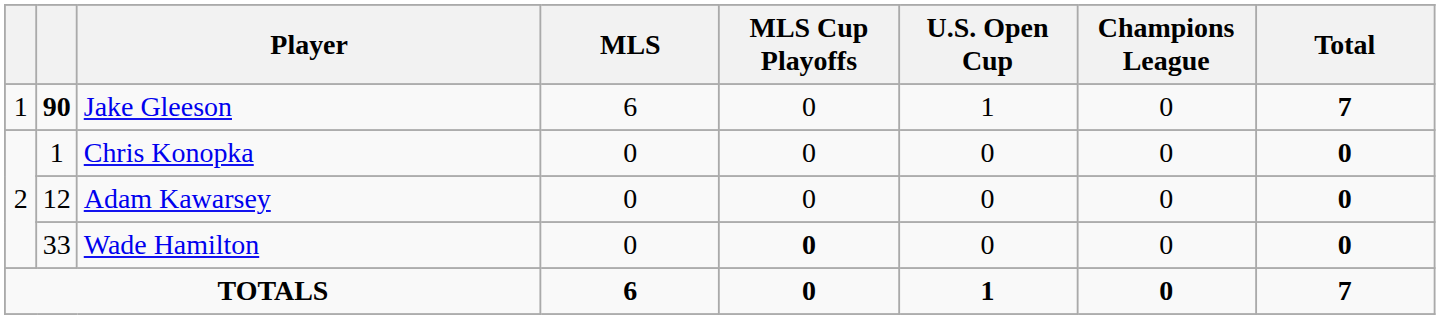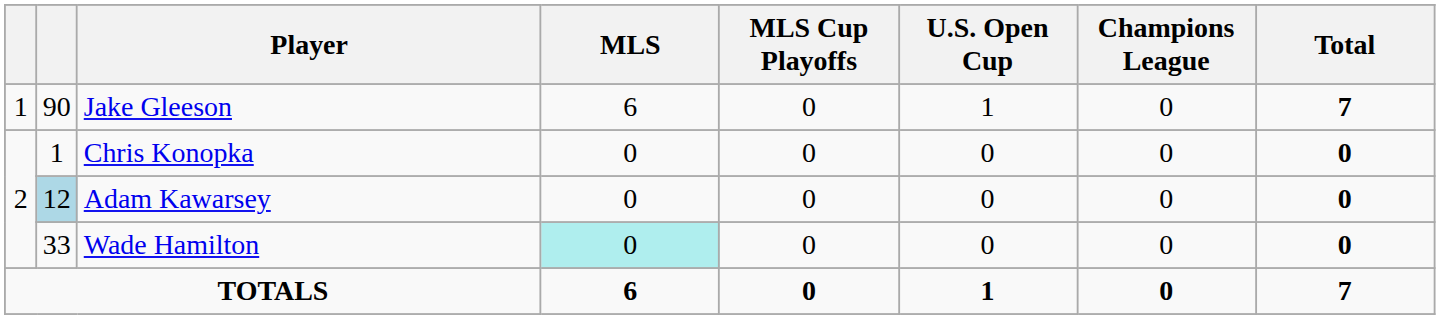 <table class="wikitable sortable" style="font-size: 95%; text-align: center;">
 <tr>
 <th width=10></th>
 <th width=10></th>
 <th width=245>Player</th>
 <th width=90>MLS</th>
 <th width=90>MLS Cup Playoffs</th>
 <th width=90>U.S. Open Cup</th>
 <th width=90>Champions League</th>
 <th width=90>Total</th>
 </tr>
 <tr>
 <td>1</td>
-<td><strong>90</strong></td>
+<td>90</td>
 <td align=left> <a href='#'>Jake Gleeson</a></td>
 <td>6</td>
 <td>0</td>
 <td>1</td>
 <td>0</td>
 <td><strong>7</strong></td>
 </tr>
 <tr>
 <td rowspan="3">2</td>
 <td>1</td>
 <td align=left> <a href='#'>Chris Konopka</a></td>
 <td>0</td>
 <td>0</td>
 <td>0</td>
 <td>0</td>
 <td><strong>0</strong></td>
 </tr>
 <tr>
-<td>12</td>
+<td style="background: lightblue;">12</td>
 <td align="left"> <a href='#'>Adam Kawarsey</a></td>
 <td>0</td>
 <td>0</td>
 <td>0</td>
 <td>0</td>
 <td><strong>0</strong></td>
 </tr>
 <tr>
 <td>33</td>
 <td align=left> <a href='#'>Wade Hamilton</a></td>
+<td style="background: paleturquoise;">0</td>
 <td>0</td>
-<td><strong>0</strong></td>
 <td>0</td>
 <td>0</td>
 <td><strong>0</strong></td>
 </tr>
 <tr>
 <td colspan="3"><strong>TOTALS</strong></td>
 <td><strong>6</strong></td>
 <td><strong>0</strong></td>
 <td><strong>1</strong></td>
 <td><strong>0</strong></td>
 <td><strong>7</strong></td>
 </tr>
 </table>
